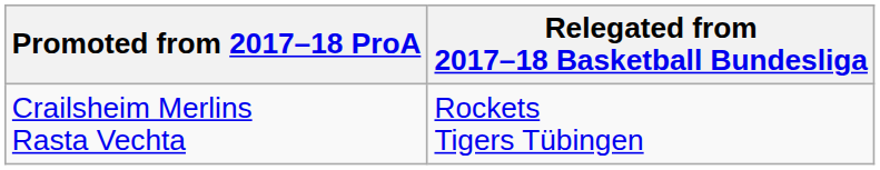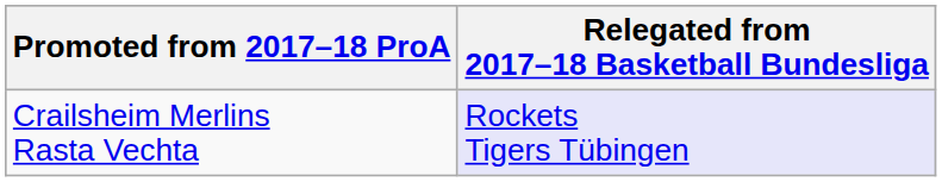 <table class="wikitable">
 <tr>
 <th>Promoted from <a href='#'>2017–18 ProA</a></th>
 <th>Relegated from<br><a href='#'>2017–18 Basketball Bundesliga</a></th>
 </tr>
 <tr>
 <td><a href='#'>Crailsheim Merlins</a><br><a href='#'>Rasta Vechta</a></td>
-<td><a href='#'>Rockets</a><br><a href='#'>Tigers Tübingen</a></td>
+<td style="background: lavender;"><a href='#'>Rockets</a><br><a href='#'>Tigers Tübingen</a></td>
 </tr>
 </table>
